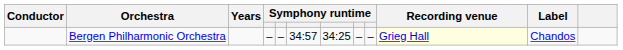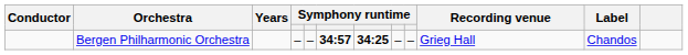 <table class="wikitable sortable" style="margin-right: 0; font-size: 95%">
 <tr>
 <th rowspan=2 scope=col>Conductor</th>
 <th rowspan=2 scope=col>Orchestra</th>
 <th rowspan=2 scope=col>Years</th>
 <th colspan=6 scope=col>Symphony runtime</th>
 <th style="width:13em"; rowspan=2 scope=col>Recording venue</th>
 <th rowspan=2 scope=col>Label</th>
 <th style="width:3em"; rowspan=2 scope=col class="unsortable"></th>
 </tr>
 <tr>
 <th scope=col></th>
 <th scope=col></th>
 <th scope=col></th>
 <th scope=col></th>
 <th scope=col></th>
 <th scope=col></th>
 </tr>
 <tr>
 <td></td>
 <td><a href='#'>Bergen Philharmonic Orchestra</a></td>
 <td></td>
 <td>–</td>
 <td>–</td>
-<td>34:57</td>
-<td>34:25</td>
+<td><strong>34:57</strong></td>
+<td><strong>34:25</strong></td>
 <td>–</td>
 <td>–</td>
-<td style="background: lightyellow;"><a href='#'>Grieg Hall</a></td>
+<td><a href='#'>Grieg Hall</a></td>
 <td><a href='#'>Chandos</a></td>
 <td style="text-align: center;"></td>
 </tr>
 </table>
